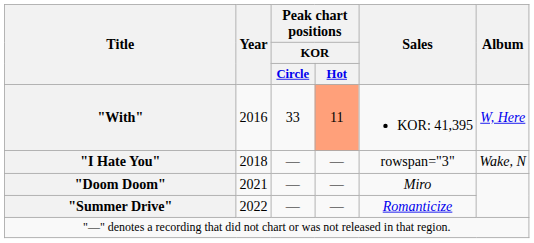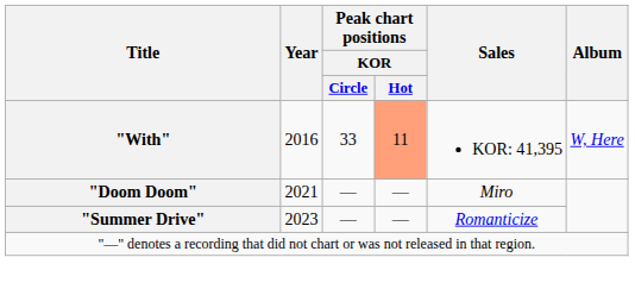 <table class="wikitable plainrowheaders" style="text-align:center;">
 <tr>
 <th scope="col" rowspan="3" style="width:16em;">Title</th>
 <th scope="col" rowspan="3">Year</th>
 <th scope="col" colspan="2">Peak chart<br>positions</th>
 <th scope="col" rowspan="3">Sales</th>
 <th scope="col" rowspan="3">Album</th>
 </tr>
 <tr>
 <th scope="col" colspan="2" style="font-size:90%">KOR</th>
 </tr>
 <tr>
 <th scope="col" style="width:3em;font-size:90%;"><a href='#'>Circle</a><br></th>
 <th scope="col" style="width:3em;font-size:90%;"><a href='#'>Hot</a><br></th>
 </tr>
 <tr>
 <th scope="row">"With"</th>
 <td>2016</td>
 <td>33</td>
 <td style="background: lightsalmon;">11</td>
 <td><br><ul><li>KOR: 41,395</li></ul></td>
 <td><em><a href='#'>W, Here</a></em></td>
 </tr>
 <tr>
-<th scope="row">"I Hate You"</th>
-<td>2018</td>
-<td>—</td>
-<td>—</td>
-<td>rowspan="3" </td>
-<td><em>Wake, N</em></td>
-</tr>
-<tr>
 <th scope="row">"Doom Doom"</th>
 <td>2021</td>
 <td>—</td>
 <td>—</td>
 <td><em>Miro</em></td>
 </tr>
 <tr>
 <th scope="row">"Summer Drive"<br></th>
-<td>2022</td>
+<td>2023</td>
 <td>—</td>
 <td>—</td>
 <td><em><a href='#'>Romanticize</a></em></td>
 </tr>
 <tr>
 <td colspan="6" style="font-size:85%">"—" denotes a recording that did not chart or was not released in that region.</td>
 </tr>
 </table>
